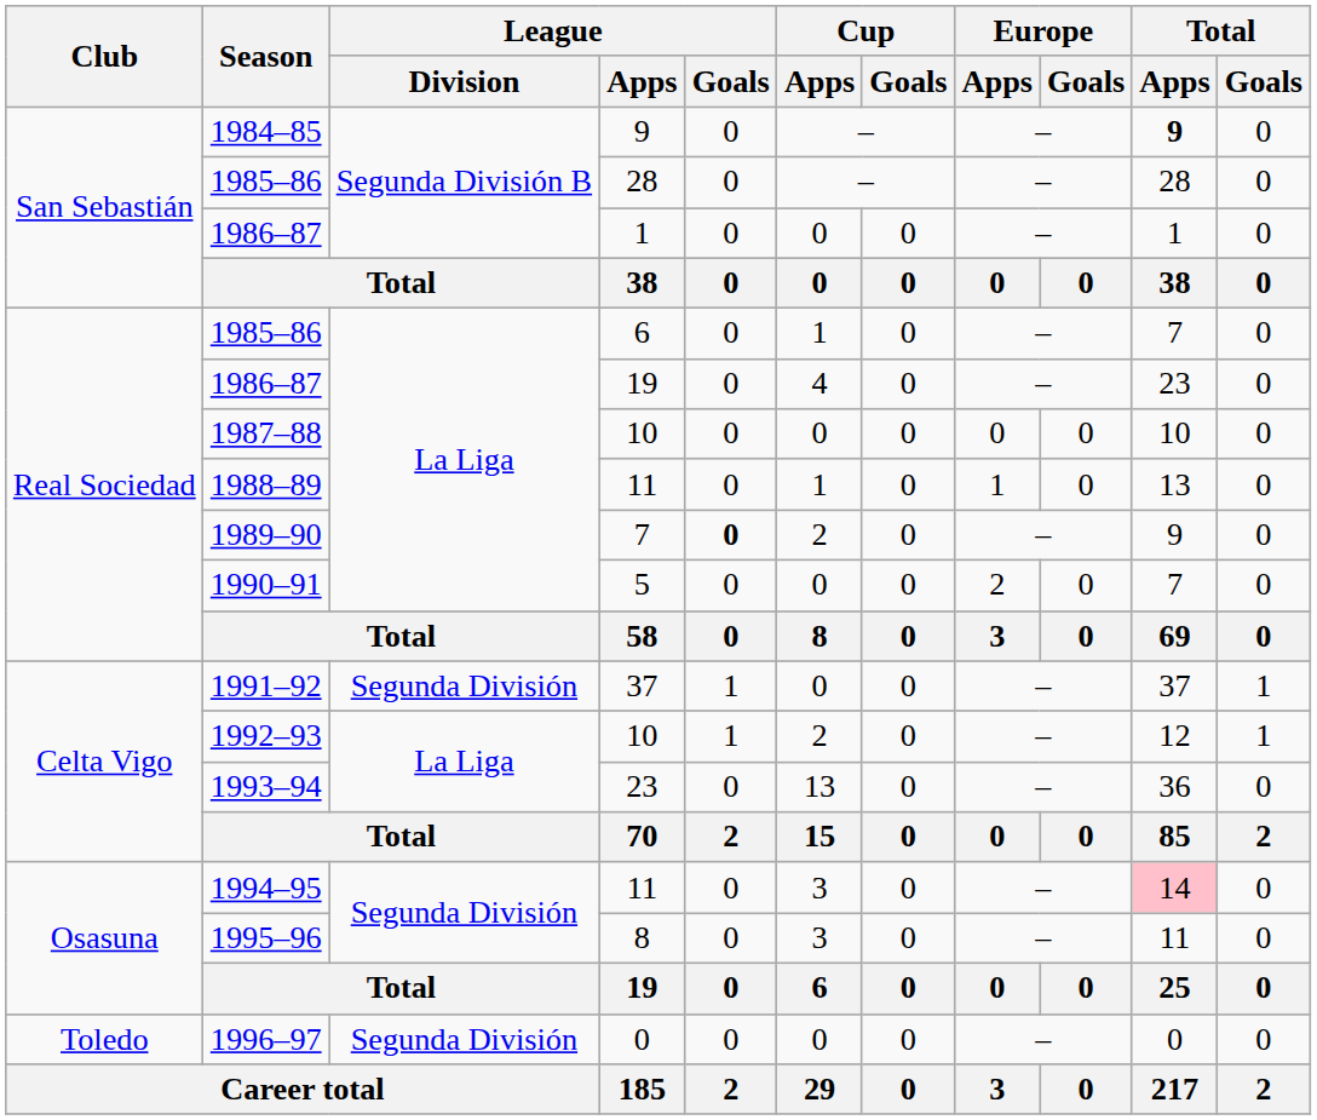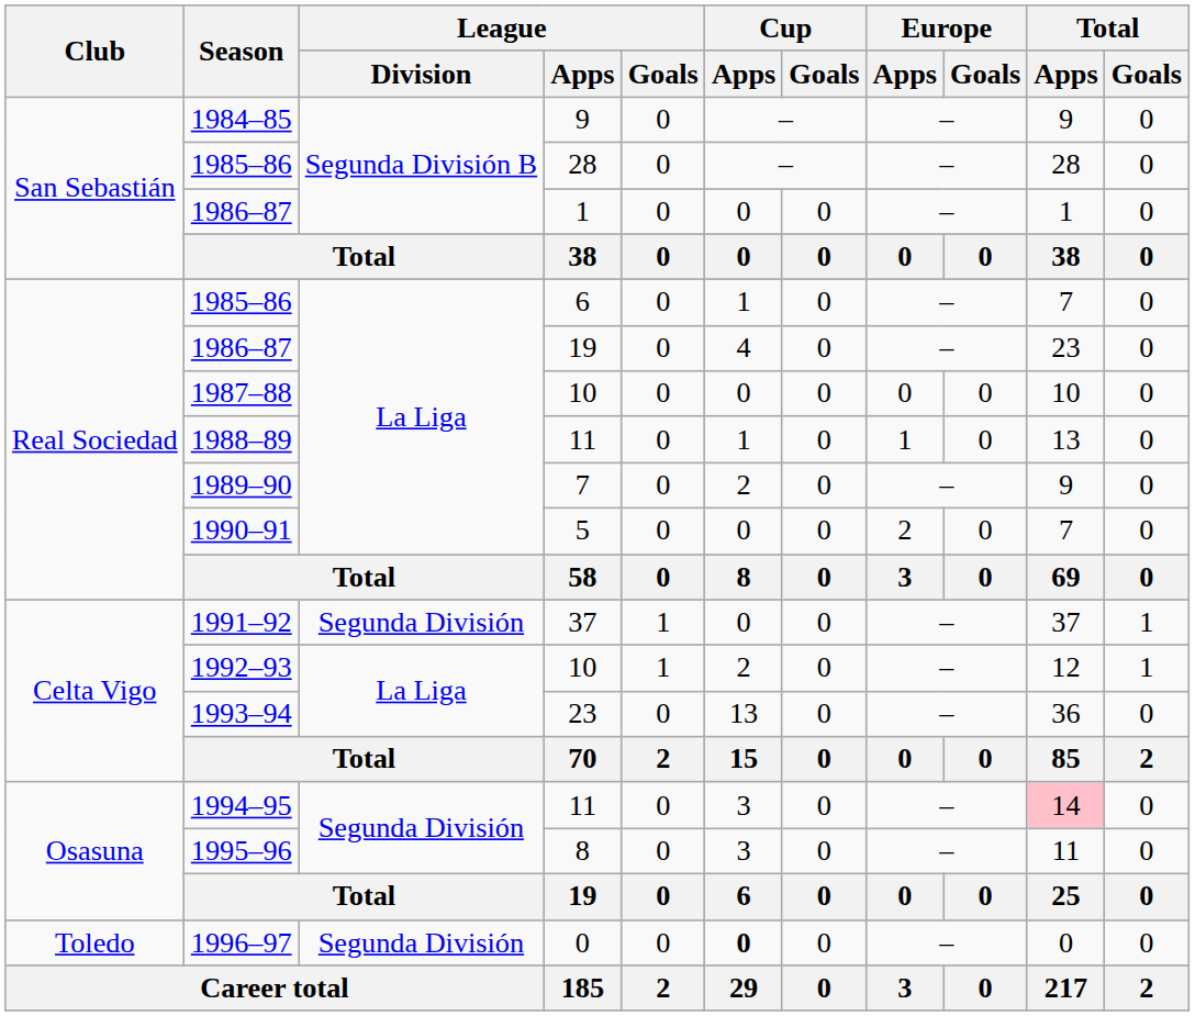 <table class="wikitable" style="text-align: center;">
 <tr>
 <th rowspan="2">Club</th>
 <th rowspan="2">Season</th>
 <th colspan="3">League</th>
 <th colspan="2">Cup</th>
 <th colspan="2">Europe</th>
 <th colspan="2">Total</th>
 </tr>
 <tr>
 <th>Division</th>
 <th>Apps</th>
 <th>Goals</th>
 <th>Apps</th>
 <th>Goals</th>
 <th>Apps</th>
 <th>Goals</th>
 <th>Apps</th>
 <th>Goals</th>
 </tr>
 <tr>
 <td rowspan="4" valign="center"><a href='#'>San Sebastián</a></td>
 <td><a href='#'>1984–85</a></td>
 <td rowspan="3"><a href='#'>Segunda División B</a></td>
 <td>9</td>
 <td>0</td>
 <td colspan="2">–</td>
 <td colspan="2">–</td>
-<td><strong>9</strong></td>
+<td>9</td>
 <td>0</td>
 </tr>
 <tr>
 <td><a href='#'>1985–86</a></td>
 <td>28</td>
 <td>0</td>
 <td colspan="2">–</td>
 <td colspan="2">–</td>
 <td>28</td>
 <td>0</td>
 </tr>
 <tr>
 <td><a href='#'>1986–87</a></td>
 <td>1</td>
 <td>0</td>
 <td>0</td>
 <td>0</td>
 <td colspan="2">–</td>
 <td>1</td>
 <td>0</td>
 </tr>
 <tr>
 <th colspan="2">Total</th>
 <th>38</th>
 <th>0</th>
 <th>0</th>
 <th>0</th>
 <th>0</th>
 <th>0</th>
 <th>38</th>
 <th>0</th>
 </tr>
 <tr>
 <td rowspan="7" valign="center"><a href='#'>Real Sociedad</a></td>
 <td><a href='#'>1985–86</a></td>
 <td rowspan="6"><a href='#'>La Liga</a></td>
 <td>6</td>
 <td>0</td>
 <td>1</td>
 <td>0</td>
 <td colspan="2">–</td>
 <td>7</td>
 <td>0</td>
 </tr>
 <tr>
 <td><a href='#'>1986–87</a></td>
 <td>19</td>
 <td>0</td>
 <td>4</td>
 <td>0</td>
 <td colspan="2">–</td>
 <td>23</td>
 <td>0</td>
 </tr>
 <tr>
 <td><a href='#'>1987–88</a></td>
 <td>10</td>
 <td>0</td>
 <td>0</td>
 <td>0</td>
 <td>0</td>
 <td>0</td>
 <td>10</td>
 <td>0</td>
 </tr>
 <tr>
 <td><a href='#'>1988–89</a></td>
 <td>11</td>
 <td>0</td>
 <td>1</td>
 <td>0</td>
 <td>1</td>
 <td>0</td>
 <td>13</td>
 <td>0</td>
 </tr>
 <tr>
 <td><a href='#'>1989–90</a></td>
 <td>7</td>
-<td><strong>0</strong></td>
+<td>0</td>
 <td>2</td>
 <td>0</td>
 <td colspan="2">–</td>
 <td>9</td>
 <td>0</td>
 </tr>
 <tr>
 <td><a href='#'>1990–91</a></td>
 <td>5</td>
 <td>0</td>
 <td>0</td>
 <td>0</td>
 <td>2</td>
 <td>0</td>
 <td>7</td>
 <td>0</td>
 </tr>
 <tr>
 <th colspan="2">Total</th>
 <th>58</th>
 <th>0</th>
 <th>8</th>
 <th>0</th>
 <th>3</th>
 <th>0</th>
 <th>69</th>
 <th>0</th>
 </tr>
 <tr>
 <td rowspan="4" valign="center"><a href='#'>Celta Vigo</a></td>
 <td><a href='#'>1991–92</a></td>
 <td><a href='#'>Segunda División</a></td>
 <td>37</td>
 <td>1</td>
 <td>0</td>
 <td>0</td>
 <td colspan="2">–</td>
 <td>37</td>
 <td>1</td>
 </tr>
 <tr>
 <td><a href='#'>1992–93</a></td>
 <td rowspan="2"><a href='#'>La Liga</a></td>
 <td>10</td>
 <td>1</td>
 <td>2</td>
 <td>0</td>
 <td colspan="2">–</td>
 <td>12</td>
 <td>1</td>
 </tr>
 <tr>
 <td><a href='#'>1993–94</a></td>
 <td>23</td>
 <td>0</td>
 <td>13</td>
 <td>0</td>
 <td colspan="2">–</td>
 <td>36</td>
 <td>0</td>
 </tr>
 <tr>
 <th colspan="2">Total</th>
 <th>70</th>
 <th>2</th>
 <th>15</th>
 <th>0</th>
 <th>0</th>
 <th>0</th>
 <th>85</th>
 <th>2</th>
 </tr>
 <tr>
 <td rowspan="3" valign="center"><a href='#'>Osasuna</a></td>
 <td><a href='#'>1994–95</a></td>
 <td rowspan="2"><a href='#'>Segunda División</a></td>
 <td>11</td>
 <td>0</td>
 <td>3</td>
 <td>0</td>
 <td colspan="2">–</td>
 <td style="background: pink;">14</td>
 <td>0</td>
 </tr>
 <tr>
 <td><a href='#'>1995–96</a></td>
 <td>8</td>
 <td>0</td>
 <td>3</td>
 <td>0</td>
 <td colspan="2">–</td>
 <td>11</td>
 <td>0</td>
 </tr>
 <tr>
 <th colspan="2">Total</th>
 <th>19</th>
 <th>0</th>
 <th>6</th>
 <th>0</th>
 <th>0</th>
 <th>0</th>
 <th>25</th>
 <th>0</th>
 </tr>
 <tr>
 <td valign="center"><a href='#'>Toledo</a></td>
 <td><a href='#'>1996–97</a></td>
 <td><a href='#'>Segunda División</a></td>
 <td>0</td>
 <td>0</td>
-<td>0</td>
+<td><strong>0</strong></td>
 <td>0</td>
 <td colspan="2">–</td>
 <td>0</td>
 <td>0</td>
 </tr>
 <tr>
 <th colspan="3">Career total</th>
 <th>185</th>
 <th>2</th>
 <th>29</th>
 <th>0</th>
 <th>3</th>
 <th>0</th>
 <th>217</th>
 <th>2</th>
 </tr>
 </table>
